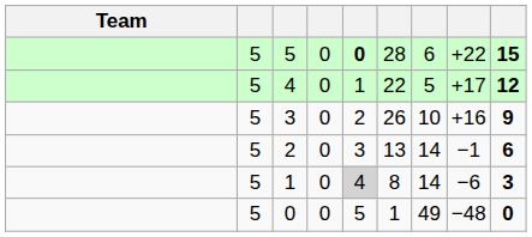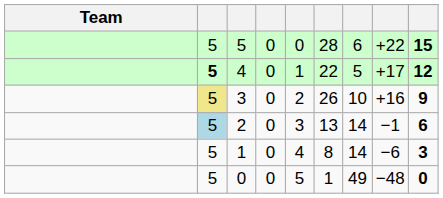 <table class="wikitable" style="text-align:center">
 <tr>
 <th width="175">Team</th>
 <th width="20"></th>
 <th width="20"></th>
 <th width="20"></th>
 <th width="20"></th>
 <th width="20"></th>
 <th width="20"></th>
 <th width="20"></th>
 <th width="20"></th>
 </tr>
 <tr bgcolor=ccffcc>
 <td align=left></td>
 <td>5</td>
 <td>5</td>
 <td>0</td>
-<td><strong>0</strong></td>
+<td>0</td>
 <td>28</td>
 <td>6</td>
 <td>+22</td>
 <td><strong>15</strong></td>
 </tr>
 <tr bgcolor=ccffcc>
 <td align=left></td>
-<td>5</td>
+<td><strong>5</strong></td>
 <td>4</td>
 <td>0</td>
 <td>1</td>
 <td>22</td>
 <td>5</td>
 <td>+17</td>
 <td><strong>12</strong></td>
 </tr>
 <tr>
 <td align=left></td>
-<td>5</td>
+<td style="background: khaki;">5</td>
 <td>3</td>
 <td>0</td>
 <td>2</td>
 <td>26</td>
 <td>10</td>
 <td>+16</td>
 <td><strong>9</strong></td>
 </tr>
 <tr>
 <td align=left></td>
-<td>5</td>
+<td style="background: lightblue;">5</td>
 <td>2</td>
 <td>0</td>
 <td>3</td>
 <td>13</td>
 <td>14</td>
 <td>−1</td>
 <td><strong>6</strong></td>
 </tr>
 <tr>
 <td align=left></td>
 <td>5</td>
 <td>1</td>
 <td>0</td>
-<td style="background: lightgrey;">4</td>
+<td>4</td>
 <td>8</td>
 <td>14</td>
 <td>−6</td>
 <td><strong>3</strong></td>
 </tr>
 <tr>
 <td align=left></td>
 <td>5</td>
 <td>0</td>
 <td>0</td>
 <td>5</td>
 <td>1</td>
 <td>49</td>
 <td>−48</td>
 <td><strong>0</strong></td>
 </tr>
 </table>
